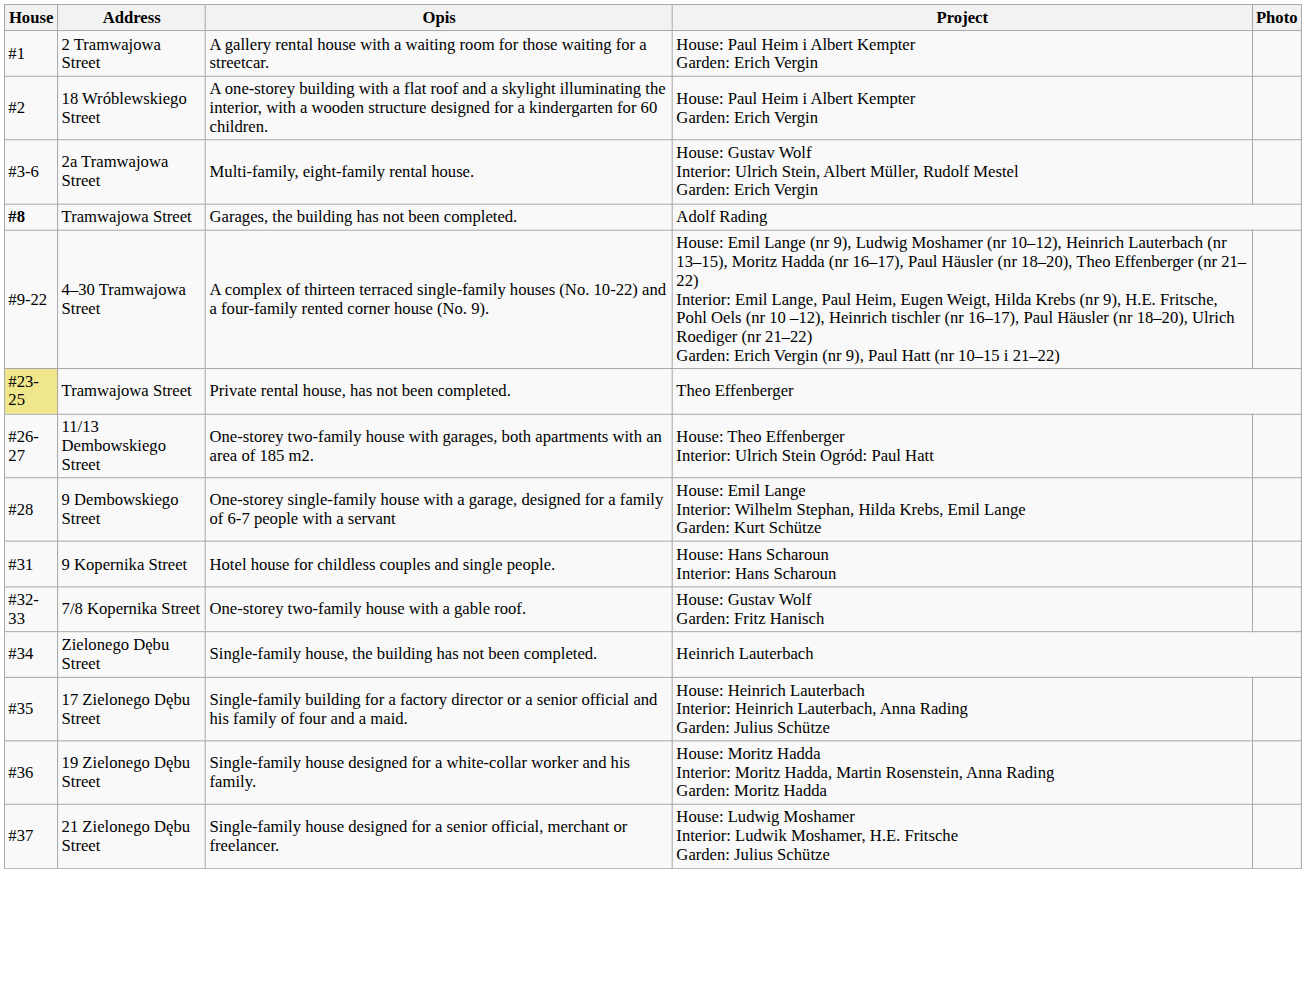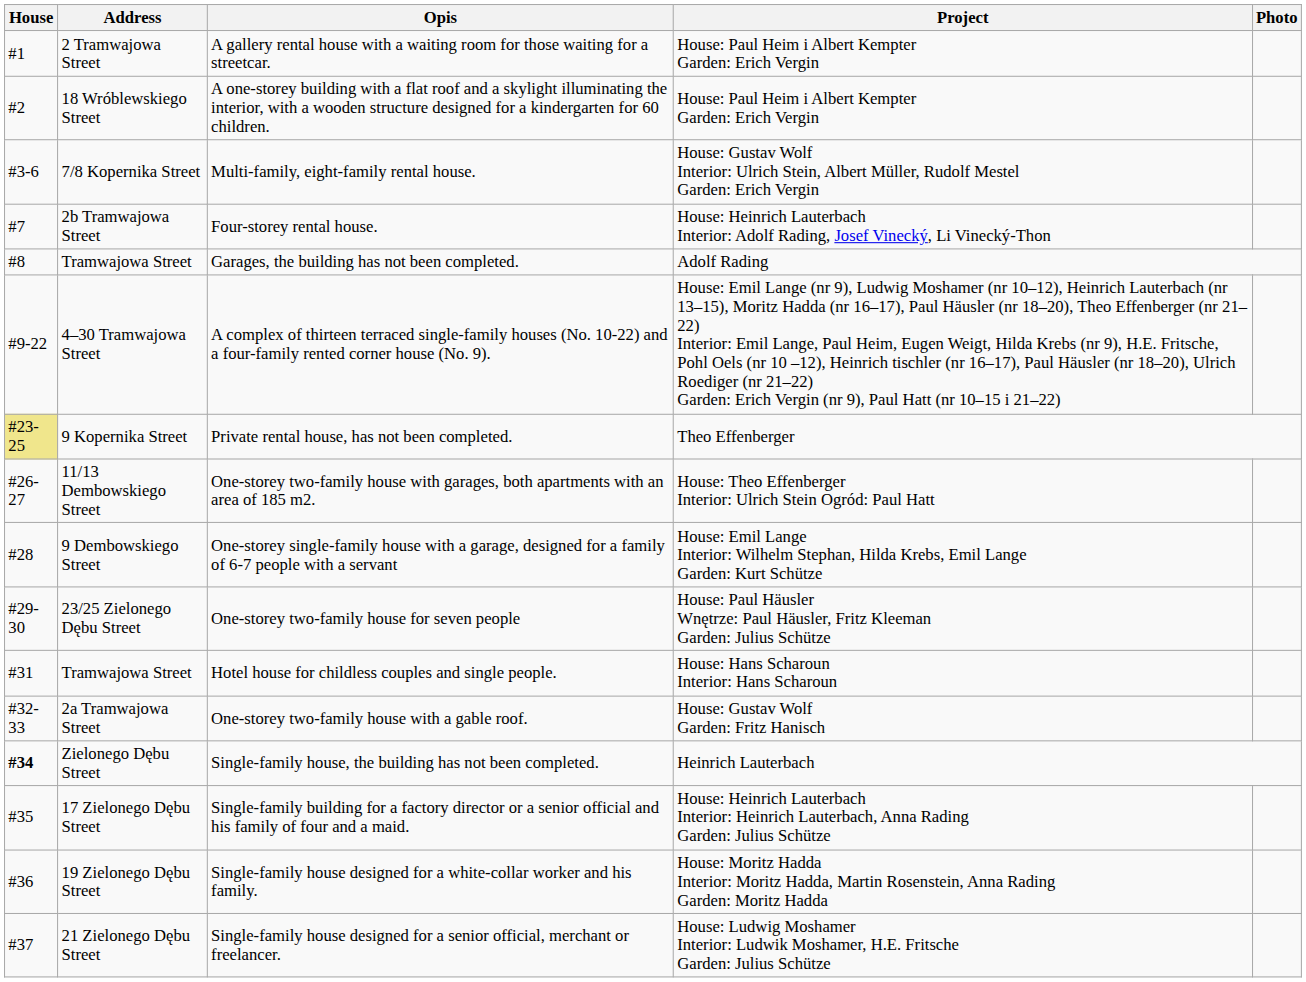 <table class="wikitable">
 <tr>
 <th>House</th>
 <th>Address</th>
 <th>Opis</th>
 <th>Project</th>
 <th>Photo</th>
 </tr>
 <tr>
 <td>#1</td>
 <td>2 Tramwajowa Street</td>
 <td>A gallery rental house with a waiting room for those waiting for a streetcar.</td>
 <td>House: Paul Heim i Albert Kempter<br>Garden: Erich Vergin</td>
 <td></td>
 </tr>
 <tr>
 <td>#2</td>
 <td>18 Wróblewskiego Street</td>
 <td>A one-storey building with a flat roof and a skylight illuminating the interior, with a wooden structure designed for a kindergarten for 60 children.</td>
 <td>House: Paul Heim i Albert Kempter<br>Garden: Erich Vergin</td>
 <td></td>
 </tr>
 <tr>
 <td>#3-6</td>
-<td>2a Tramwajowa Street</td>
+<td>7/8 Kopernika Street</td>
 <td>Multi-family, eight-family rental house.</td>
 <td>House: Gustav Wolf<br>Interior: Ulrich Stein, Albert Müller, Rudolf Mestel<br>Garden: Erich Vergin</td>
 <td></td>
 </tr>
 <tr>
-<td><strong>#8</strong></td>
+<td>#7</td>
+<td>2b Tramwajowa Street</td>
+<td>Four-storey rental house.</td>
+<td>House: Heinrich Lauterbach<br>Interior: Adolf Rading, <a href='#'>Josef Vinecký</a>, Li Vinecký-Thon</td>
+<td></td>
+</tr>
+<tr>
+<td>#8</td>
 <td>Tramwajowa Street</td>
 <td>Garages, the building has not been completed.</td>
 <td colspan="2">Adolf Rading</td>
 </tr>
 <tr>
 <td>#9-22</td>
 <td>4–30 Tramwajowa Street</td>
 <td>A complex of thirteen terraced single-family houses (No. 10-22) and a four-family rented corner house (No. 9).</td>
 <td>House: Emil Lange (nr 9), Ludwig Moshamer (nr 10–12), Heinrich Lauterbach (nr 13–15), Moritz Hadda (nr 16–17), Paul Häusler (nr 18–20), Theo Effenberger (nr 21–22)<br>Interior: Emil Lange, Paul Heim, Eugen Weigt, Hilda Krebs (nr 9), H.E. Fritsche, Pohl Oels (nr 10 –12), Heinrich tischler (nr 16–17), Paul Häusler (nr 18–20), Ulrich Roediger (nr 21–22)<br>Garden: Erich Vergin (nr 9), Paul Hatt (nr 10–15 i 21–22)</td>
 <td></td>
 </tr>
 <tr>
 <td style="background: khaki;">#23-25</td>
-<td>Tramwajowa Street</td>
+<td>9 Kopernika Street</td>
 <td>Private rental house, has not been completed.</td>
 <td colspan="2">Theo Effenberger</td>
 </tr>
 <tr>
 <td>#26-27</td>
 <td>11/13 Dembowskiego Street</td>
 <td>One-storey two-family house with garages, both apartments with an area of 185 m2.</td>
 <td>House: Theo Effenberger<br>Interior: Ulrich Stein Ogród: Paul Hatt</td>
 <td></td>
 </tr>
 <tr>
 <td>#28</td>
 <td>9 Dembowskiego Street</td>
 <td>One-storey single-family house with a garage, designed for a family of 6-7 people with a servant</td>
 <td>House: Emil Lange<br>Interior: Wilhelm Stephan, Hilda Krebs, Emil Lange<br>Garden: Kurt Schütze</td>
 <td></td>
 </tr>
 <tr>
+<td>#29-30</td>
+<td>23/25 Zielonego Dębu Street</td>
+<td>One-storey two-family house for seven people</td>
+<td>House: Paul Häusler<br>Wnętrze: Paul Häusler, Fritz Kleeman<br>Garden: Julius Schütze</td>
+<td></td>
+</tr>
+<tr>
 <td>#31</td>
-<td>9 Kopernika Street</td>
+<td>Tramwajowa Street</td>
 <td>Hotel house for childless couples and single people.</td>
 <td>House: Hans Scharoun<br>Interior: Hans Scharoun</td>
 <td></td>
 </tr>
 <tr>
 <td>#32-33</td>
-<td>7/8 Kopernika Street</td>
+<td>2a Tramwajowa Street</td>
 <td>One-storey two-family house with a gable roof.</td>
 <td>House: Gustav Wolf<br>Garden: Fritz Hanisch</td>
 <td></td>
 </tr>
 <tr>
-<td>#34</td>
+<td><strong>#34</strong></td>
 <td>Zielonego Dębu Street</td>
 <td>Single-family house, the building has not been completed.</td>
 <td colspan="2">Heinrich Lauterbach</td>
 </tr>
 <tr>
 <td>#35</td>
 <td>17 Zielonego Dębu Street</td>
 <td>Single-family building for a factory director or a senior official and his family of four and a maid.</td>
 <td>House: Heinrich Lauterbach<br>Interior: Heinrich Lauterbach, Anna Rading<br>Garden: Julius Schütze</td>
 <td></td>
 </tr>
 <tr>
 <td>#36</td>
 <td>19 Zielonego Dębu Street</td>
 <td>Single-family house designed for a white-collar worker and his family.</td>
 <td>House: Moritz Hadda<br>Interior: Moritz Hadda, Martin Rosenstein, Anna Rading<br>Garden: Moritz Hadda</td>
 <td></td>
 </tr>
 <tr>
 <td>#37</td>
 <td>21 Zielonego Dębu Street</td>
 <td>Single-family house designed for a senior official, merchant or freelancer.</td>
 <td>House: Ludwig Moshamer<br>Interior: Ludwik Moshamer, H.E. Fritsche<br>Garden: Julius Schütze</td>
 <td></td>
 </tr>
 </table>
